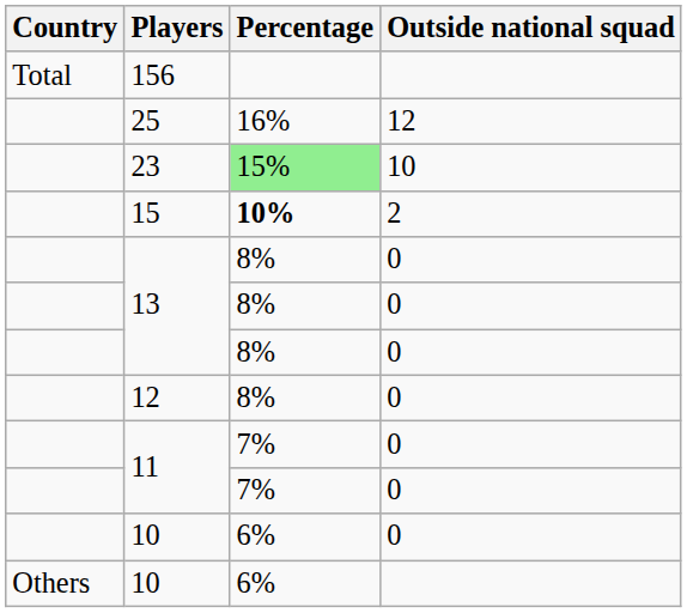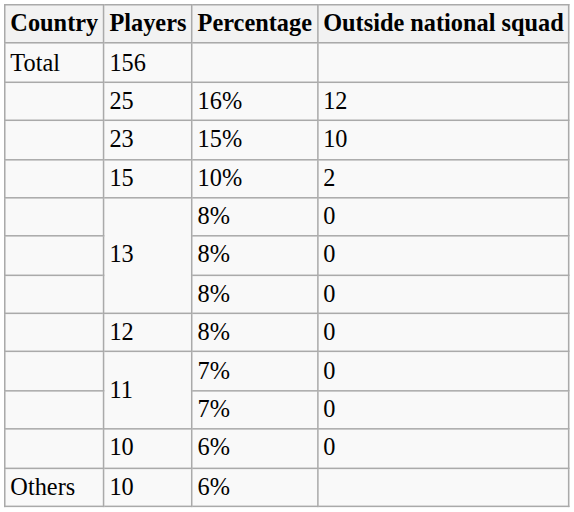 <table class="wikitable sortable">
 <tr>
 <th>Country</th>
 <th>Players</th>
 <th>Percentage</th>
 <th>Outside national squad</th>
 </tr>
 <tr>
 <td>Total</td>
 <td>156</td>
 <td></td>
 <td></td>
 </tr>
 <tr>
 <td></td>
 <td>25</td>
 <td>16%</td>
 <td>12</td>
 </tr>
 <tr>
 <td></td>
 <td>23</td>
-<td style="background: lightgreen;">15%</td>
+<td>15%</td>
 <td>10</td>
 </tr>
 <tr>
 <td></td>
 <td>15</td>
-<td><strong>10%</strong></td>
+<td>10%</td>
 <td>2</td>
 </tr>
 <tr>
 <td></td>
 <td rowspan="3">13</td>
 <td>8%</td>
 <td>0</td>
 </tr>
 <tr>
 <td></td>
 <td>8%</td>
 <td>0</td>
 </tr>
 <tr>
 <td></td>
 <td>8%</td>
 <td>0</td>
 </tr>
 <tr>
 <td></td>
 <td>12</td>
 <td>8%</td>
 <td>0</td>
 </tr>
 <tr>
 <td></td>
 <td rowspan="2">11</td>
 <td>7%</td>
 <td>0</td>
 </tr>
 <tr>
 <td></td>
 <td>7%</td>
 <td>0</td>
 </tr>
 <tr>
 <td></td>
 <td>10</td>
 <td>6%</td>
 <td>0</td>
 </tr>
 <tr>
 <td>Others</td>
 <td>10</td>
 <td>6%</td>
 <td></td>
 </tr>
 </table>
